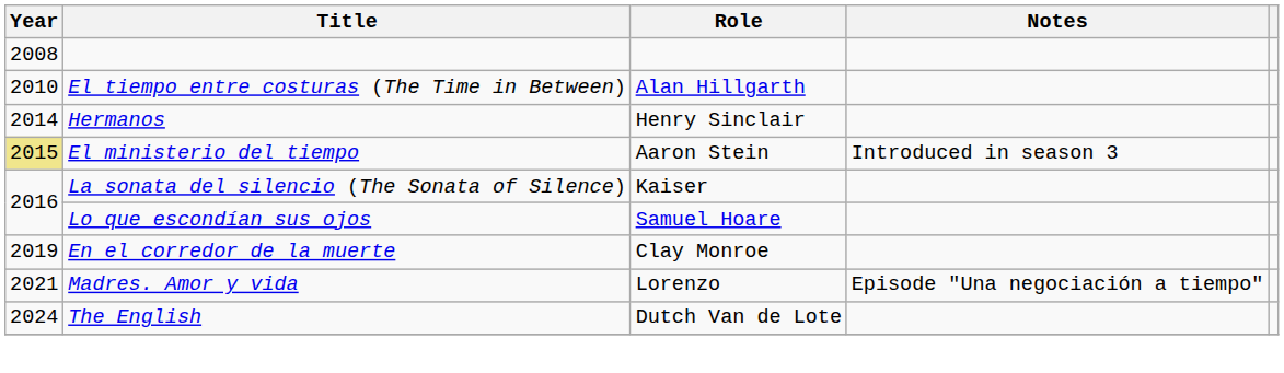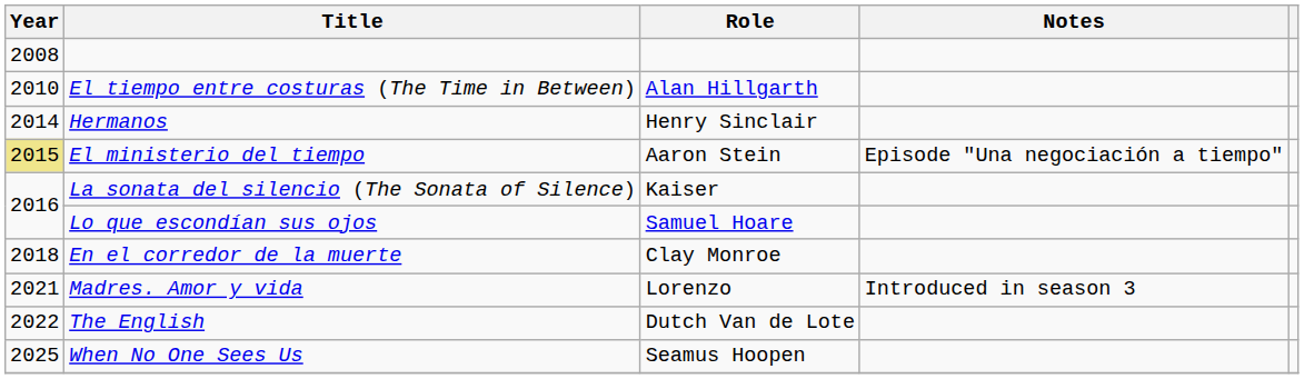 <table class="wikitable sortable">
 <tr>
 <th>Year</th>
 <th>Title</th>
 <th>Role</th>
 <th class="unsortable">Notes</th>
 <th></th>
 </tr>
 <tr>
 <td align = "center">2008</td>
 <td><em></em></td>
 <td></td>
 <td></td>
 <td align = "center"></td>
 </tr>
 <tr>
 <td align = "center">2010</td>
 <td><em><a href='#'>El tiempo entre costuras</a></em> (<em>The Time in Between</em>)</td>
 <td><a href='#'>Alan Hillgarth</a></td>
 <td></td>
 <td align = "center"></td>
 </tr>
 <tr>
 <td align = "center">2014</td>
 <td><em><a href='#'>Hermanos</a></em></td>
 <td>Henry Sinclair</td>
 <td></td>
 <td align = "center"></td>
 </tr>
 <tr>
 <td align = "center" style="background: khaki;">2015</td>
 <td><em><a href='#'>El ministerio del tiempo</a></em></td>
 <td>Aaron Stein</td>
-<td>Introduced in season 3</td>
+<td>Episode "Una negociación a tiempo"</td>
 <td align = "center"></td>
 </tr>
 <tr>
 <td rowspan = "2" align = "center">2016</td>
 <td><em><a href='#'>La sonata del silencio</a></em> (<em>The Sonata of Silence</em>)</td>
 <td>Kaiser</td>
 <td></td>
 <td align = "center"></td>
 </tr>
 <tr>
 <td><em><a href='#'>Lo que escondían sus ojos</a></em></td>
 <td><a href='#'>Samuel Hoare</a></td>
 <td></td>
 <td align = "center"></td>
 </tr>
 <tr>
-<td align = "center">2019</td>
+<td align = "center">2018</td>
 <td><em><a href='#'>En el corredor de la muerte</a></em></td>
 <td>Clay Monroe</td>
 <td></td>
 <td align = "center"></td>
 </tr>
 <tr>
 <td align = "center">2021</td>
 <td><em><a href='#'>Madres. Amor y vida</a></em></td>
 <td>Lorenzo</td>
-<td>Episode "Una negociación a tiempo"</td>
+<td>Introduced in season 3</td>
 <td align = "center"></td>
 </tr>
 <tr>
-<td align = "center">2024</td>
+<td align = "center">2022</td>
 <td><em><a href='#'>The English</a></em></td>
 <td>Dutch Van de Lote</td>
 <td></td>
 <td align = "center"></td>
 </tr>
 <tr>
+<td align = "center">2025</td>
+<td><em><a href='#'>When No One Sees Us</a></em></td>
+<td>Seamus Hoopen</td>
+<td></td>
+<td align="center"></td>
+</tr>
+<tr>
 </tr>
 </table>
